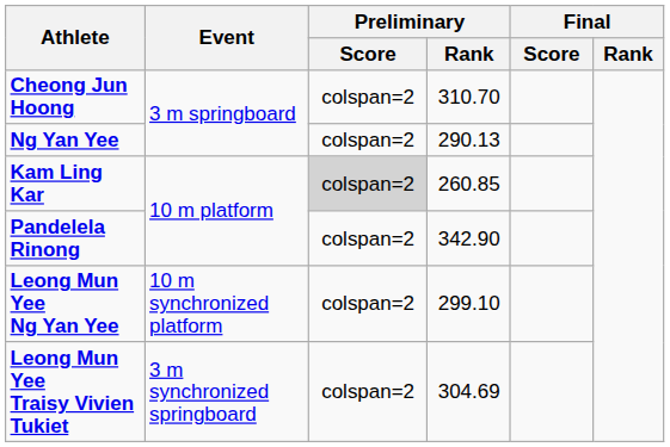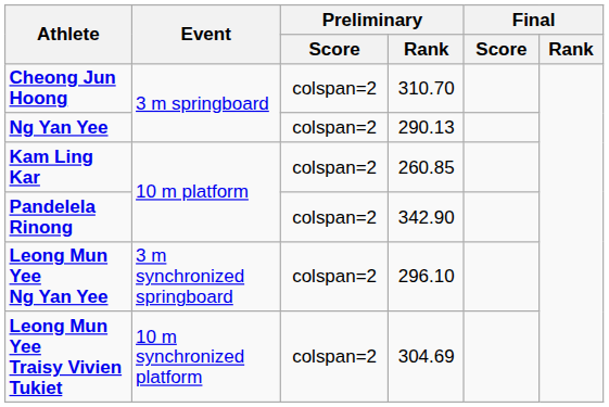 <table class="wikitable" width="75%" style="text-align:center; font-size:90%;">
 <tr>
 <th rowspan="2" width="15%">Athlete</th>
 <th rowspan="2" width="15%">Event</th>
 <th colspan="2" width="12%">Preliminary</th>
 <th colspan="2" width="12%">Final</th>
 </tr>
 <tr>
 <th width="7%">Score</th>
 <th>Rank</th>
 <th width="7%">Score</th>
 <th>Rank</th>
 </tr>
 <tr>
 <td align=left><strong><a href='#'>Cheong Jun Hoong</a></strong></td>
 <td align=left rowspan=2><a href='#'>3 m springboard</a></td>
 <td>colspan=2 </td>
 <td>310.70</td>
 <td></td>
 </tr>
 <tr>
 <td align=left><strong><a href='#'>Ng Yan Yee</a></strong></td>
 <td>colspan=2 </td>
 <td>290.13</td>
 <td></td>
 </tr>
 <tr>
 <td align=left><strong><a href='#'>Kam Ling Kar</a></strong></td>
 <td align=left rowspan=2><a href='#'>10 m platform</a></td>
-<td style="background: lightgrey;">colspan=2 </td>
+<td>colspan=2 </td>
 <td>260.85</td>
 <td></td>
 </tr>
 <tr>
 <td align=left><strong><a href='#'>Pandelela Rinong</a></strong></td>
 <td>colspan=2 </td>
 <td>342.90</td>
 <td></td>
 </tr>
 <tr>
 <td align=left><strong><a href='#'>Leong Mun Yee</a><br><a href='#'>Ng Yan Yee</a></strong></td>
-<td align=left><a href='#'>10 m synchronized platform</a></td>
+<td align=left><a href='#'>3 m synchronized springboard</a></td>
 <td>colspan=2 </td>
-<td>299.10</td>
+<td>296.10</td>
 <td></td>
 </tr>
 <tr>
 <td align=left><strong><a href='#'>Leong Mun Yee</a><br><a href='#'>Traisy Vivien Tukiet</a></strong></td>
-<td align=left><a href='#'>3 m synchronized springboard</a></td>
+<td align=left><a href='#'>10 m synchronized platform</a></td>
 <td>colspan=2 </td>
 <td>304.69</td>
 <td></td>
 </tr>
 </table>
